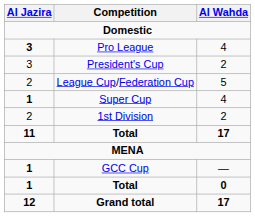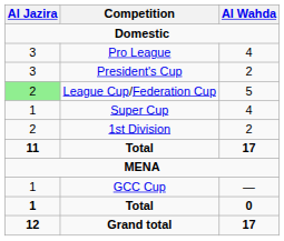 <table class="wikitable">
 <tr>
 <th><a href='#'>Al Jazira</a></th>
 <th>Competition</th>
 <th><a href='#'>Al Wahda</a></th>
 </tr>
 <tr style="text-align:center;">
 <td colspan="4"><strong>Domestic</strong></td>
 </tr>
 <tr style="text-align:center;">
-<td><strong>3</strong></td>
+<td>3</td>
 <td><a href='#'>Pro League</a></td>
 <td>4</td>
 </tr>
 <tr style="text-align:center;">
 <td>3</td>
 <td><a href='#'>President's Cup</a></td>
 <td>2</td>
 </tr>
 <tr style="text-align:center;">
-<td>2</td>
+<td style="background: lightgreen;">2</td>
 <td><a href='#'>League Cup</a>/<a href='#'>Federation Cup</a></td>
 <td>5</td>
 </tr>
 <tr style="text-align:center;">
-<td><strong>1</strong></td>
+<td>1</td>
 <td><a href='#'>Super Cup</a></td>
 <td>4</td>
 </tr>
 <tr style="text-align:center;">
 <td>2</td>
 <td><a href='#'>1st Division</a></td>
 <td>2</td>
 </tr>
 <tr align="center">
 <td><strong>11</strong></td>
 <td><strong>Total</strong></td>
 <td><strong>17</strong></td>
 </tr>
 <tr style="text-align:center;">
 <td colspan="4"><strong>MENA</strong></td>
 </tr>
 <tr style="text-align:center;">
-<td><strong>1</strong></td>
+<td>1</td>
 <td><a href='#'>GCC Cup</a></td>
 <td>—</td>
 </tr>
 <tr align="center">
 <td><strong>1</strong></td>
 <td><strong>Total</strong></td>
 <td><strong>0</strong></td>
 </tr>
 <tr align="center">
 <td><strong>12</strong></td>
 <td><strong>Grand total</strong></td>
 <td><strong>17</strong></td>
 </tr>
 </table>
